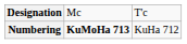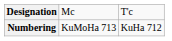 <table class="wikitable">
 <tr>
 <th>Designation</th>
 <td>Mc</td>
 <td>T'c</td>
 </tr>
 <tr>
 <th>Numbering</th>
-<td><strong>KuMoHa 713</strong></td>
+<td>KuMoHa 713</td>
 <td>KuHa 712</td>
 </tr>
 </table>
